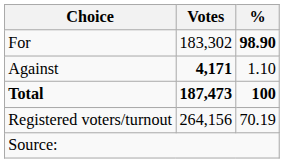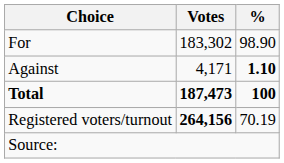 <table class=wikitable style=text-align:right>
 <tr>
 <th>Choice</th>
 <th>Votes</th>
 <th>%</th>
 </tr>
 <tr>
 <td align=left>For</td>
 <td>183,302</td>
-<td><strong>98.90</strong></td>
+<td>98.90</td>
 </tr>
 <tr>
 <td align=left>Against</td>
-<td><strong>4,171</strong></td>
-<td>1.10</td>
+<td>4,171</td>
+<td><strong>1.10</strong></td>
 </tr>
 <tr>
 <td align=left><strong>Total</strong></td>
 <td><strong>187,473</strong></td>
 <td><strong>100</strong></td>
 </tr>
 <tr>
 <td align=left>Registered voters/turnout</td>
-<td>264,156</td>
+<td><strong>264,156</strong></td>
 <td>70.19</td>
 </tr>
 <tr>
 <td align=left colspan=4>Source: </td>
 </tr>
 </table>
